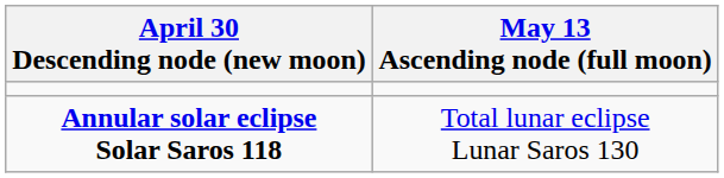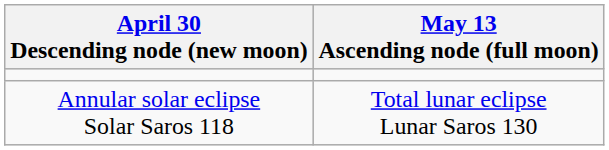 <table class="wikitable">
 <tr>
 <th><a href='#'>April 30</a><br>Descending node (new moon)<br></th>
 <th><a href='#'>May 13</a><br>Ascending node (full moon)</th>
 </tr>
 <tr>
 <td></td>
 <td></td>
 </tr>
 <tr align=center>
-<td><strong><a href='#'>Annular solar eclipse</a><br>Solar Saros 118</strong></td>
+<td><a href='#'>Annular solar eclipse</a><br>Solar Saros 118</td>
 <td><a href='#'>Total lunar eclipse</a><br>Lunar Saros 130</td>
 </tr>
 </table>
